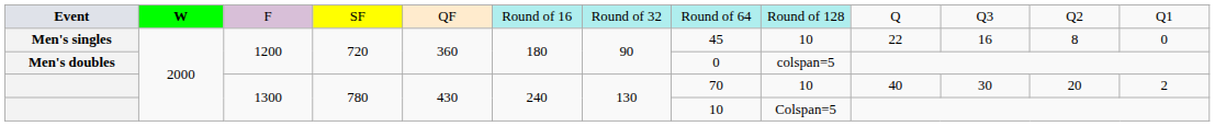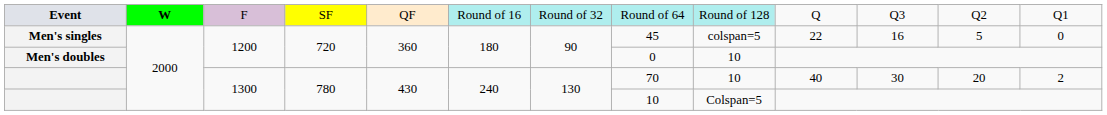 <table class="wikitable" style="font-size:90%;text-align:center">
 <tr>
 <td style="width:130px; background:#dfe2e9;"><strong>Event</strong></td>
 <td style="width:80px; background:lime;"><strong>W</strong></td>
 <td style="width:85px; background:thistle;">F</td>
 <td style="width:85px; background:#ff0;">SF</td>
 <td style="width:85px; background:#ffebcd;">QF</td>
 <td style="width:85px; background:#afeeee;">Round of 16</td>
 <td style="width:85px; background:#afeeee;">Round of 32</td>
 <td style="width:85px; background:#afeeee;">Round of 64</td>
 <td style="width:85px; background:#afeeee;">Round of 128</td>
 <td style="width:85px;">Q</td>
 <td style="width:85px;">Q3</td>
 <td style="width:85px;">Q2</td>
 <td style="width:85px;">Q1</td>
 </tr>
 <tr>
 <th style="background:#f3f3f3;">Men's singles</th>
 <td rowspan="4">2000</td>
 <td rowspan="2">1200</td>
 <td rowspan="2">720</td>
 <td rowspan="2">360</td>
 <td rowspan="2">180</td>
 <td rowspan="2">90</td>
 <td>45</td>
-<td>10</td>
+<td>colspan=5 </td>
 <td>22</td>
 <td>16</td>
-<td>8</td>
+<td>5</td>
 <td>0</td>
 </tr>
 <tr>
 <th style="background:#f3f3f3;">Men's doubles</th>
 <td>0</td>
-<td>colspan=5 </td>
+<td>10</td>
 </tr>
 <tr>
 <th style="background:#f3f3f3;"></th>
 <td rowspan="2">1300</td>
 <td rowspan="2">780</td>
 <td rowspan="2">430</td>
 <td rowspan="2">240</td>
 <td rowspan="2">130</td>
 <td>70</td>
 <td>10</td>
 <td>40</td>
 <td>30</td>
 <td>20</td>
 <td>2</td>
 </tr>
 <tr>
 <th style="background:#f3f3f3;"></th>
 <td>10</td>
 <td>Colspan=5 </td>
 </tr>
 </table>
